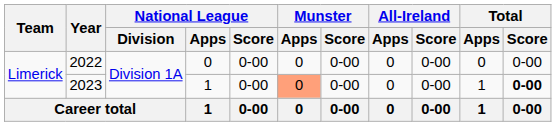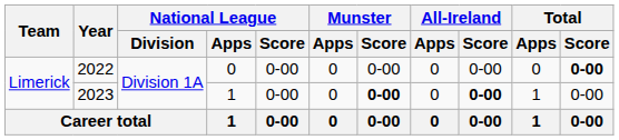 <table class="wikitable" style="text-align:center">
 <tr>
 <th rowspan="2">Team</th>
 <th rowspan="2">Year</th>
 <th colspan="3"><a href='#'>National League</a></th>
 <th colspan="2"><a href='#'>Munster</a></th>
 <th colspan="2"><a href='#'>All-Ireland</a></th>
 <th colspan="2">Total</th>
 </tr>
 <tr>
 <th>Division</th>
 <th>Apps</th>
 <th>Score</th>
 <th>Apps</th>
 <th>Score</th>
 <th>Apps</th>
 <th>Score</th>
 <th>Apps</th>
 <th>Score</th>
 </tr>
 <tr>
 <td rowspan="2"><a href='#'>Limerick</a></td>
 <td>2022</td>
 <td rowspan="2"><a href='#'>Division 1A</a></td>
 <td>0</td>
 <td>0-00</td>
 <td>0</td>
 <td>0-00</td>
 <td>0</td>
 <td>0-00</td>
 <td>0</td>
-<td>0-00</td>
+<td><strong>0-00</strong></td>
 </tr>
 <tr>
 <td>2023</td>
 <td>1</td>
 <td>0-00</td>
-<td style="background: lightsalmon;">0</td>
+<td>0</td>
+<td><strong>0-00</strong></td>
+<td>0</td>
+<td><strong>0-00</strong></td>
+<td>1</td>
 <td>0-00</td>
-<td>0</td>
-<td>0-00</td>
-<td>1</td>
-<td><strong>0-00</strong></td>
 </tr>
 <tr>
 <th colspan="3">Career total</th>
 <th>1</th>
 <th>0-00</th>
 <th>0</th>
 <th>0-00</th>
 <th>0</th>
 <th>0-00</th>
 <th>1</th>
 <th>0-00</th>
 </tr>
 </table>
